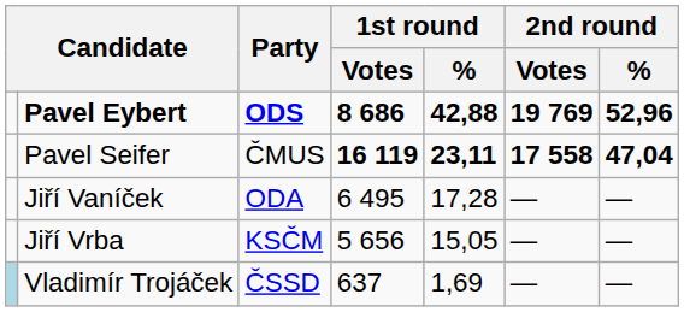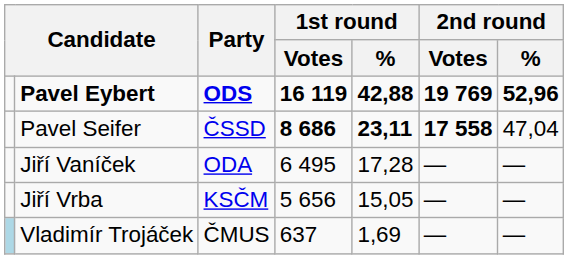 <table class="wikitable sortable">
 <tr>
 <th colspan="2" rowspan="2">Candidate</th>
 <th rowspan="2">Party</th>
 <th colspan="2">1st round</th>
 <th colspan="2">2nd round</th>
 </tr>
 <tr>
 <th>Votes</th>
 <th>%</th>
 <th>Votes</th>
 <th>%</th>
 </tr>
 <tr>
 <td style="background-color:"></td>
 <td><strong>Pavel Eybert</strong></td>
 <td><a href='#'><strong>ODS</strong></a></td>
-<td><strong>8 686</strong></td>
+<td><strong>16 119</strong></td>
 <td><strong>42,88</strong></td>
 <td><strong>19 769</strong></td>
 <td><strong>52,96</strong></td>
 </tr>
 <tr>
 <td style="background-color:"></td>
 <td>Pavel Seifer</td>
-<td>ČMUS</td>
-<td><strong>16 119</strong></td>
+<td><a href='#'>ČSSD</a></td>
+<td><strong>8 686</strong></td>
 <td><strong>23,11</strong></td>
 <td><strong>17 558</strong></td>
-<td><strong>47,04</strong></td>
+<td>47,04</td>
 </tr>
 <tr>
 <td style="background-color:"></td>
 <td>Jiří Vaníček</td>
 <td><a href='#'>ODA</a></td>
 <td>6 495</td>
 <td>17,28</td>
 <td>—</td>
 <td>—</td>
 </tr>
 <tr>
 <td style="background-color:"></td>
 <td>Jiří Vrba</td>
 <td><a href='#'>KSČM</a></td>
 <td>5 656</td>
 <td>15,05</td>
 <td>—</td>
 <td>—</td>
 </tr>
 <tr>
 <td style="background-color:lightblue;"></td>
 <td>Vladimír Trojáček</td>
-<td><a href='#'>ČSSD</a></td>
+<td>ČMUS</td>
 <td>637</td>
 <td>1,69</td>
 <td>—</td>
 <td>—</td>
 </tr>
 </table>
